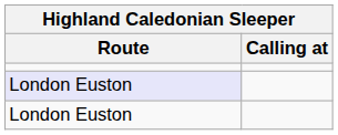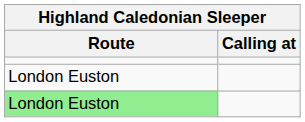 <table class="wikitable">
 <tr>
 <th colspan="2">Highland Caledonian Sleeper</th>
 </tr>
 <tr>
 <th width="200px">Route</th>
 <th>Calling at</th>
 </tr>
 <tr>
 <td>  </td>
 <td></td>
 </tr>
 <tr>
-<td style="background: lavender;">London Euston  </td>
+<td>London Euston  </td>
 <td></td>
 </tr>
 <tr>
-<td>London Euston  </td>
+<td style="background: lightgreen;">London Euston  </td>
 <td></td>
 </tr>
 </table>
